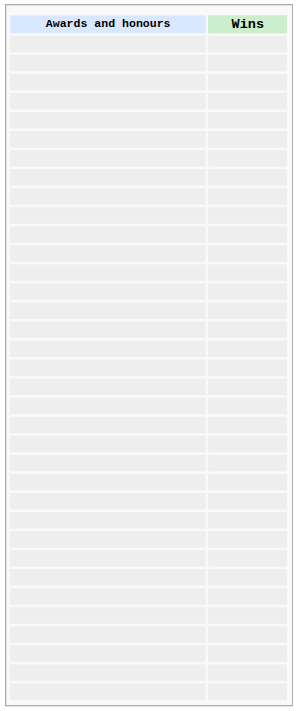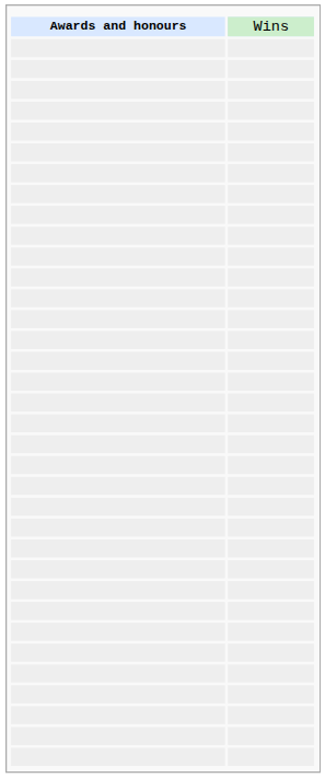 <table class="infobox" style="width: 25em; text-align: center; font-size: 70%; vertical-align: middle;">
 <tr>
 <td colspan="3" style="text-align:center;"></td>
 </tr>
 <tr style="background:#d9e8ff; text-align:center;">
 <th style="vertical-align:center;">Awards and honours</th>
-<td style="background:#cec; font-size:8pt; width:60px;"><strong>Wins</strong></td>
+<td style="background:#cec; font-size:8pt; width:60px;">Wins</td>
 </tr>
 <tr style="background:#eee;">
 <td style="text-align:center;"><br></td>
 <td></td>
 </tr>
 <tr style="background:#eee;">
 <td style="text-align:center;"><br></td>
 <td></td>
 </tr>
 <tr style="background:#eee;">
 <td style="text-align:center;"><br></td>
 <td></td>
 </tr>
 <tr style="background:#eee;">
 <td style="text-align:center;"><br></td>
 <td></td>
 </tr>
 <tr style="background:#eee;">
 <td style="text-align:center;"><br></td>
 <td></td>
 </tr>
 <tr style="background:#eee;">
 <td style="text-align:center;"><br></td>
 <td></td>
 </tr>
 <tr style="background:#eee;">
 <td style="text-align:center;"><br></td>
 <td></td>
 </tr>
 <tr style="background:#eee;">
 <td style="text-align:center;"><br></td>
 <td></td>
 </tr>
 <tr style="background:#eee;">
 <td style="text-align:center;"><br></td>
 <td></td>
 </tr>
 <tr style="background:#eee;">
 <td style="text-align:center;"><br></td>
 <td></td>
 </tr>
 <tr style="background:#eee;">
 <td style="text-align:center;"><br></td>
 <td></td>
 </tr>
 <tr style="background:#eee;">
 <td style="text-align:center;"><br></td>
 <td></td>
 </tr>
 <tr style="background:#eee;">
 <td style="text-align:center;"><br></td>
 <td></td>
 </tr>
 <tr style="background:#eee;">
 <td style="text-align:center;"><br></td>
 <td></td>
 </tr>
 <tr style="background:#eee;">
 <td style="text-align:center;"><br></td>
 <td></td>
 </tr>
 <tr style="background:#eee;">
 <td style="text-align:center;"><br></td>
 <td></td>
 </tr>
 <tr style="background:#eee;">
 <td style="text-align:center;"><br></td>
 <td></td>
 </tr>
 <tr style="background:#eee;">
 <td style="text-align:center;"><br></td>
 <td></td>
 </tr>
 <tr style="background:#eee;">
 <td style="text-align:center;"><br></td>
 <td></td>
 </tr>
 <tr style="background:#eee;">
 <td style="text-align:center;"><br></td>
 <td></td>
 </tr>
 <tr style="background:#eee;">
 <td style="text-align:center;"><br></td>
 <td></td>
 </tr>
 <tr style="background:#eee;">
 <td style="text-align:center;"><br></td>
 <td></td>
 </tr>
 <tr style="background:#eee;">
 <td style="text-align:center;"><br></td>
 <td></td>
 </tr>
 <tr style="background:#eee;">
 <td style="text-align:center;"><br></td>
 <td></td>
 </tr>
 <tr style="background:#eee;">
 <td style="text-align:center;"><br></td>
 <td></td>
 </tr>
 <tr style="background:#eee;">
 <td style="text-align:center;"><br></td>
 <td></td>
 </tr>
 <tr style="background:#eee;">
 <td style="text-align:center;"><br></td>
 <td></td>
 </tr>
 <tr style="background:#eee;">
 <td style="text-align:center;"><br></td>
 <td></td>
 </tr>
 <tr style="background:#eee;">
 <td style="text-align:center;"><br></td>
 <td></td>
 </tr>
 <tr style="background:#eee;">
 <td style="text-align:center;"><br></td>
 <td></td>
 </tr>
 <tr style="background:#eee;">
 <td style="text-align:center;"><br></td>
 <td></td>
 </tr>
 <tr style="background:#eee;">
 <td style="text-align:center;"><br></td>
 <td></td>
 </tr>
 <tr style="background:#eee;">
 <td style="text-align:center;"><br></td>
 <td></td>
 </tr>
 <tr style="background:#eee;">
 <td style="text-align:center;"><br></td>
 <td></td>
 </tr>
 <tr style="background:#eee;">
 <td style="text-align:center;"><br></td>
 <td></td>
 </tr>
 </table>
